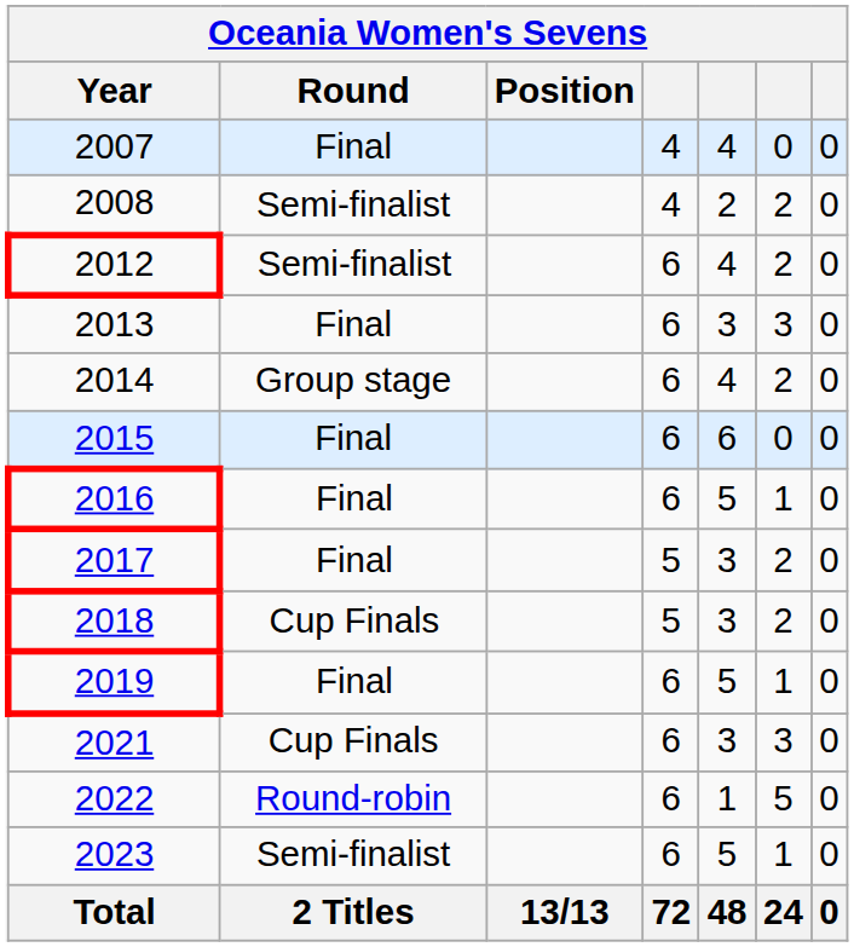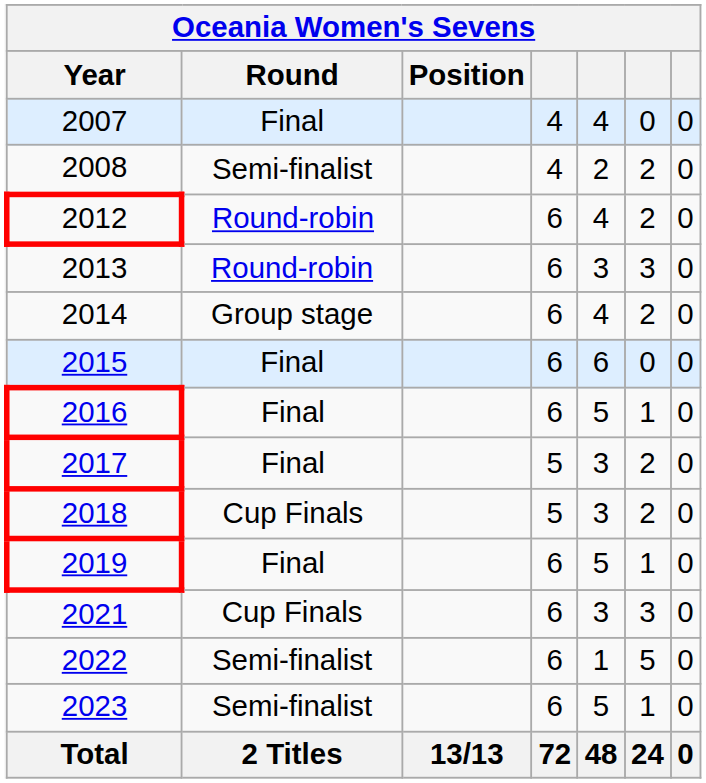 <table class="wikitable" style="text-align: center;">
 <tr>
 <th colspan=7><a href='#'>Oceania Women's Sevens</a></th>
 </tr>
 <tr>
 <th style="width:5.5em;">Year</th>
 <th style="width:7em;">Round</th>
 <th>Position</th>
 <th></th>
 <th></th>
 <th></th>
 <th></th>
 </tr>
 <tr bgcolor=#ddeeff>
 <td> 2007</td>
 <td>Final</td>
 <td></td>
 <td>4</td>
 <td>4</td>
 <td>0</td>
 <td>0</td>
 </tr>
 <tr>
 <td> 2008</td>
 <td>Semi-finalist</td>
 <td></td>
 <td>4</td>
 <td>2</td>
 <td>2</td>
 <td>0</td>
 </tr>
 <tr>
 <td style="border: 3px solid red"> 2012</td>
-<td>Semi-finalist</td>
+<td><a href='#'>Round-robin</a></td>
 <td></td>
 <td>6</td>
 <td>4</td>
 <td>2</td>
 <td>0</td>
 </tr>
 <tr>
 <td> 2013</td>
-<td>Final</td>
+<td><a href='#'>Round-robin</a></td>
 <td></td>
 <td>6</td>
 <td>3</td>
 <td>3</td>
 <td>0</td>
 </tr>
 <tr>
 <td> 2014</td>
 <td>Group stage</td>
 <td></td>
 <td>6</td>
 <td>4</td>
 <td>2</td>
 <td>0</td>
 </tr>
 <tr bgcolor=#ddeeff>
 <td> <a href='#'>2015</a></td>
 <td>Final</td>
 <td></td>
 <td>6</td>
 <td>6</td>
 <td>0</td>
 <td>0</td>
 </tr>
 <tr>
 <td style="border: 3px solid red"> <a href='#'>2016</a></td>
 <td>Final</td>
 <td></td>
 <td>6</td>
 <td>5</td>
 <td>1</td>
 <td>0</td>
 </tr>
 <tr>
 <td style="border: 3px solid red"> <a href='#'>2017</a></td>
 <td>Final</td>
 <td></td>
 <td>5</td>
 <td>3</td>
 <td>2</td>
 <td>0</td>
 </tr>
 <tr>
 <td style="border: 3px solid red"> <a href='#'>2018</a></td>
 <td>Cup Finals</td>
 <td></td>
 <td>5</td>
 <td>3</td>
 <td>2</td>
 <td>0</td>
 </tr>
 <tr>
 <td style="border: 3px solid red"> <a href='#'>2019</a></td>
 <td>Final</td>
 <td></td>
 <td>6</td>
 <td>5</td>
 <td>1</td>
 <td>0</td>
 </tr>
 <tr>
 <td> <a href='#'>2021</a></td>
 <td>Cup Finals</td>
 <td></td>
 <td>6</td>
 <td>3</td>
 <td>3</td>
 <td>0</td>
 </tr>
 <tr>
 <td> <a href='#'>2022</a></td>
-<td><a href='#'>Round-robin</a></td>
+<td>Semi-finalist</td>
 <td></td>
 <td>6</td>
 <td>1</td>
 <td>5</td>
 <td>0</td>
 </tr>
 <tr>
 <td> <a href='#'>2023</a></td>
 <td>Semi-finalist</td>
 <td></td>
 <td>6</td>
 <td>5</td>
 <td>1</td>
 <td>0</td>
 </tr>
 <tr>
 <th>Total</th>
 <th>2 Titles</th>
 <th>13/13</th>
 <th>72</th>
 <th>48</th>
 <th>24</th>
 <th>0</th>
 </tr>
 </table>
